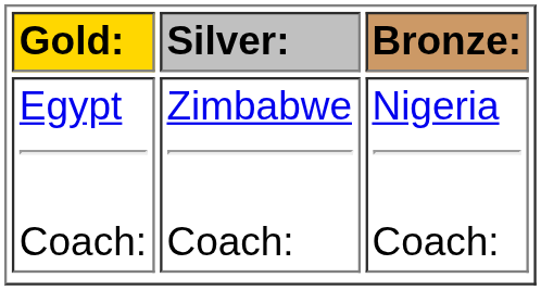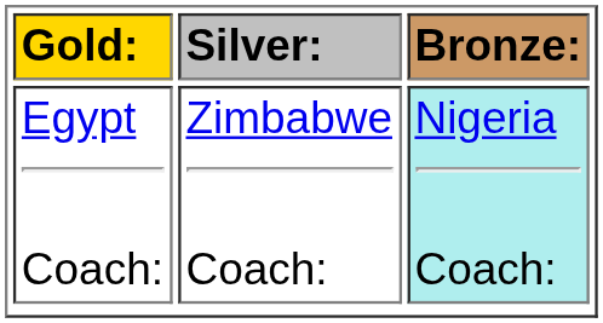 <table border="1" Cellpadding="2">
 <tr>
 <td !align="center" bgcolor="gold"><strong>Gold:</strong></td>
 <td !align="center" bgcolor="silver"><strong>Silver:</strong></td>
 <td !align="center" bgcolor="#CC9966"><strong>Bronze:</strong></td>
 </tr>
 <tr valign=top>
 <td> <a href='#'>Egypt</a><hr><br>Coach:</td>
 <td> <a href='#'>Zimbabwe</a><hr><br>Coach:</td>
-<td> <a href='#'>Nigeria</a><hr><br>Coach:</td>
+<td style="background: paleturquoise;"> <a href='#'>Nigeria</a><hr><br>Coach:</td>
 </tr>
 <tr>
 </tr>
 </table>
